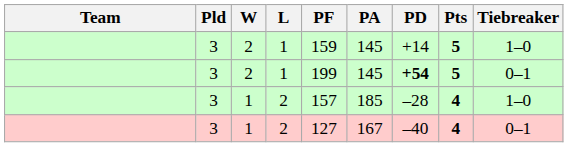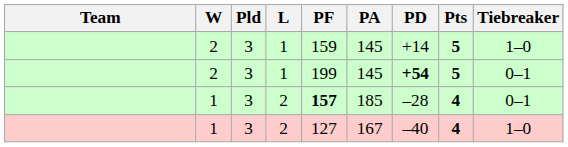 <table class="wikitable" style="text-align:center;">
 <tr>
 <th width=170>Team</th>
+<th width=25>W</th>
 <th width=25>Pld</th>
-<th width=25>W</th>
 <th width=25>L</th>
 <th width=35>PF</th>
 <th width=35>PA</th>
 <th width=35>PD</th>
 <th width=25>Pts</th>
 <th width=50>Tiebreaker</th>
 </tr>
 <tr bgcolor=ccffcc>
 <td align="left"></td>
+<td>2</td>
 <td>3</td>
-<td>2</td>
 <td>1</td>
 <td>159</td>
 <td>145</td>
 <td>+14</td>
 <td><strong>5</strong></td>
 <td>1–0</td>
 </tr>
 <tr bgcolor=ccffcc>
 <td align="left"></td>
+<td>2</td>
 <td>3</td>
-<td>2</td>
 <td>1</td>
 <td>199</td>
 <td>145</td>
 <td><strong>+54</strong></td>
 <td><strong>5</strong></td>
 <td>0–1</td>
 </tr>
 <tr bgcolor=ccffcc>
 <td align="left"></td>
+<td>1</td>
 <td>3</td>
-<td>1</td>
 <td>2</td>
-<td>157</td>
+<td><strong>157</strong></td>
 <td>185</td>
 <td>–28</td>
 <td><strong>4</strong></td>
-<td>1–0</td>
+<td>0–1</td>
 </tr>
 <tr bgcolor=ffcccc>
 <td align="left"></td>
+<td>1</td>
 <td>3</td>
-<td>1</td>
 <td>2</td>
 <td>127</td>
 <td>167</td>
 <td>–40</td>
 <td><strong>4</strong></td>
-<td>0–1</td>
+<td>1–0</td>
 </tr>
 </table>
